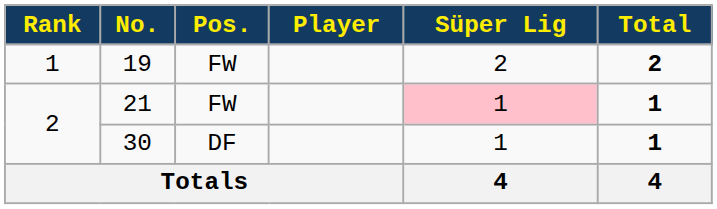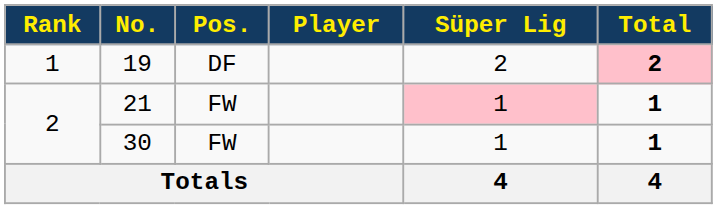 <table class="wikitable sortable" style="text-align:center;width:30%;">
 <tr>
 <th style="background:#133A61; color:#FFED00; ">Rank</th>
 <th style="background:#133A61; color:#FFED00; ">No.</th>
 <th style="background:#133A61; color:#FFED00; ">Pos.</th>
 <th style="background:#133A61; color:#FFED00; ">Player</th>
 <th style="background:#133A61; color:#FFED00; ">Süper Lig</th>
 <th style="background:#133A61; color:#FFED00; ">Total</th>
 </tr>
 <tr>
 <td>1</td>
 <td>19</td>
-<td>FW</td>
+<td>DF</td>
 <td align=left> </td>
 <td>2</td>
-<td><strong>2</strong></td>
+<td style="background: pink;"><strong>2</strong></td>
 </tr>
 <tr>
 <td rowspan=2>2</td>
 <td>21</td>
 <td>FW</td>
 <td align=left> </td>
 <td style="background: pink;">1</td>
 <td><strong>1</strong></td>
 </tr>
 <tr>
 <td>30</td>
-<td>DF</td>
+<td>FW</td>
 <td align=left> </td>
 <td>1</td>
 <td><strong>1</strong></td>
 </tr>
 <tr>
 <th colspan=4><strong>Totals</strong></th>
 <th><strong>4</strong></th>
 <th><strong>4</strong></th>
 </tr>
 </table>
